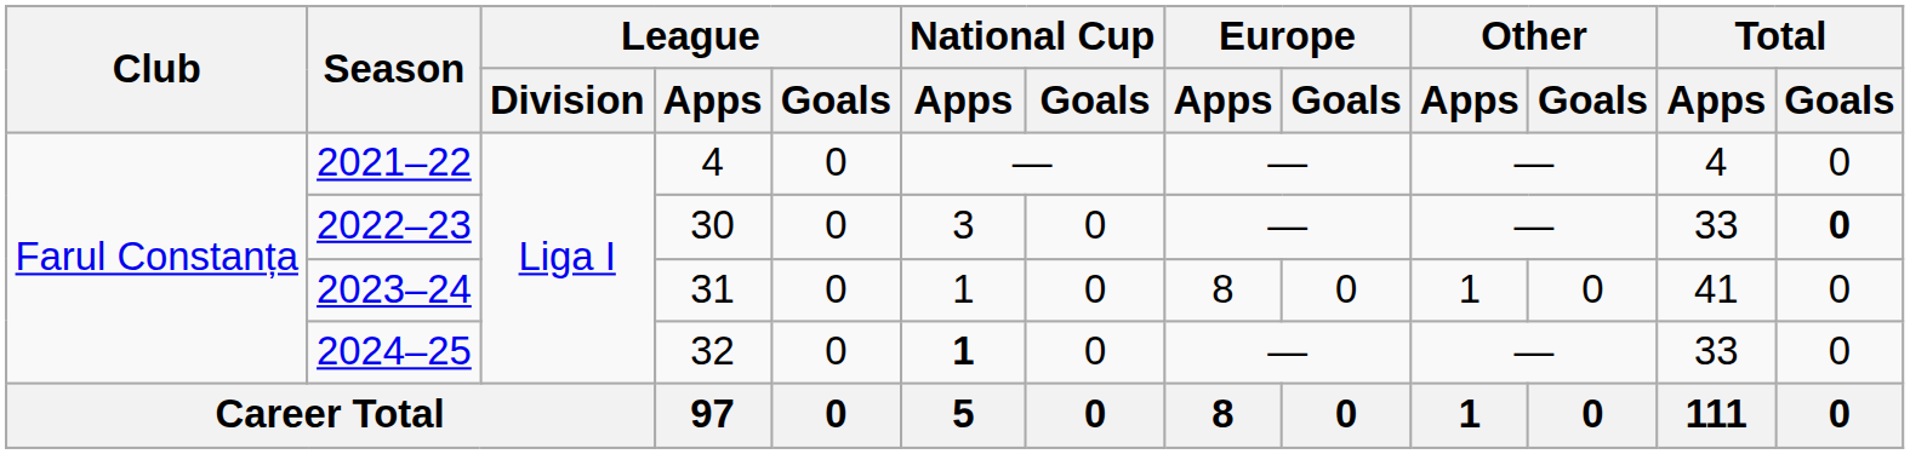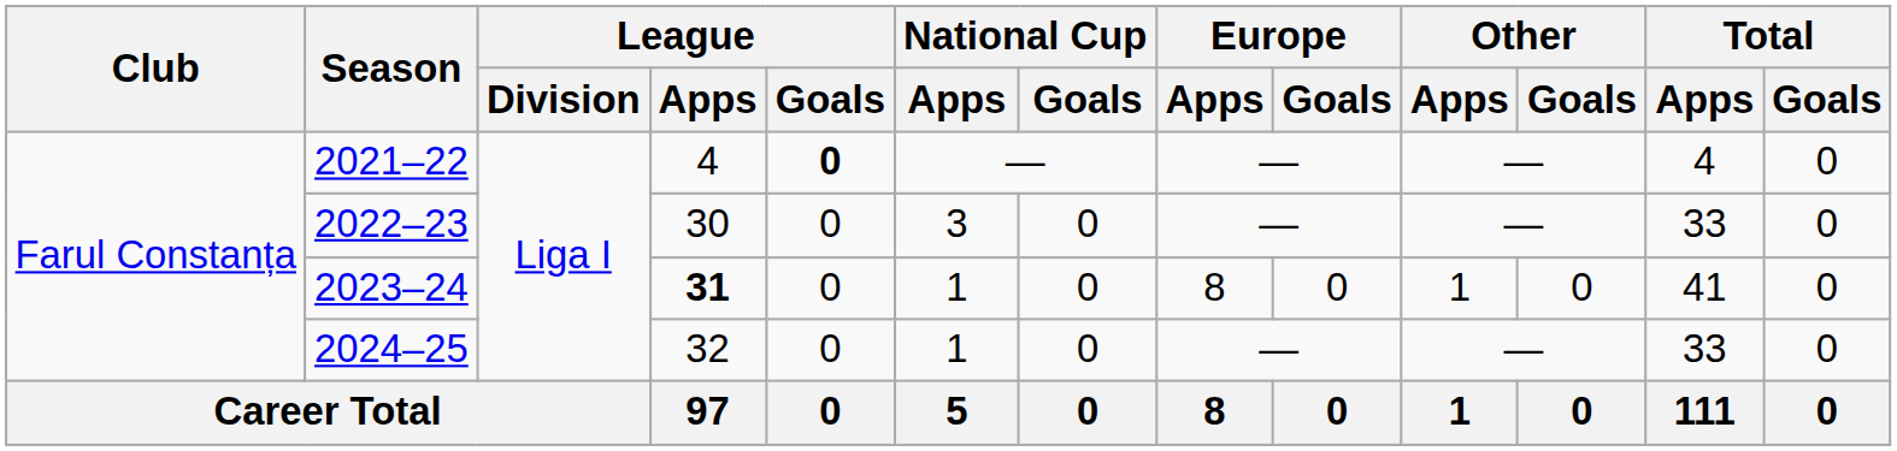 <table class=wikitable style=text-align:center>
 <tr>
 <th rowspan=2>Club</th>
 <th rowspan=2>Season</th>
 <th colspan=3>League</th>
 <th colspan=2>National Cup</th>
 <th colspan=2>Europe</th>
 <th colspan=2>Other</th>
 <th colspan=2>Total</th>
 </tr>
 <tr>
 <th>Division</th>
 <th>Apps</th>
 <th>Goals</th>
 <th>Apps</th>
 <th>Goals</th>
 <th>Apps</th>
 <th>Goals</th>
 <th>Apps</th>
 <th>Goals</th>
 <th>Apps</th>
 <th>Goals</th>
 </tr>
 <tr>
 <td rowspan="4"><a href='#'>Farul Constanța</a></td>
 <td><a href='#'>2021–22</a></td>
 <td rowspan="4"><a href='#'>Liga I</a></td>
 <td>4</td>
-<td>0</td>
+<td><strong>0</strong></td>
 <td colspan="2">—</td>
 <td colspan="2">—</td>
 <td colspan="2">—</td>
 <td>4</td>
 <td>0</td>
 </tr>
 <tr>
 <td><a href='#'>2022–23</a></td>
 <td>30</td>
 <td>0</td>
 <td>3</td>
 <td>0</td>
 <td colspan="2">—</td>
 <td colspan="2">—</td>
 <td>33</td>
-<td><strong>0</strong></td>
+<td>0</td>
 </tr>
 <tr>
 <td><a href='#'>2023–24</a></td>
-<td>31</td>
+<td><strong>31</strong></td>
 <td>0</td>
 <td>1</td>
 <td>0</td>
 <td>8</td>
 <td>0</td>
 <td>1</td>
 <td>0</td>
 <td>41</td>
 <td>0</td>
 </tr>
 <tr>
 <td><a href='#'>2024–25</a></td>
 <td>32</td>
 <td>0</td>
-<td><strong>1</strong></td>
+<td>1</td>
 <td>0</td>
 <td colspan="2">—</td>
 <td colspan="2">—</td>
 <td>33</td>
 <td>0</td>
 </tr>
 <tr>
 <th colspan="3">Career Total</th>
 <th>97</th>
 <th>0</th>
 <th>5</th>
 <th>0</th>
 <th>8</th>
 <th>0</th>
 <th>1</th>
 <th>0</th>
 <th>111</th>
 <th>0</th>
 </tr>
 </table>
